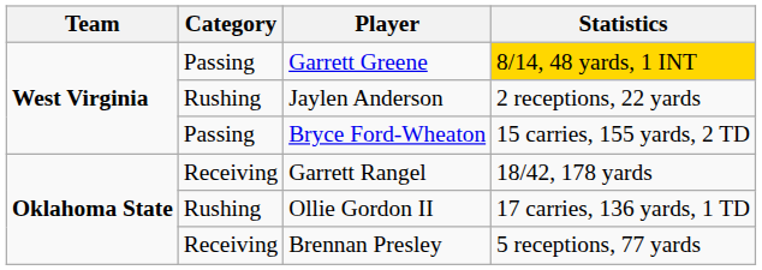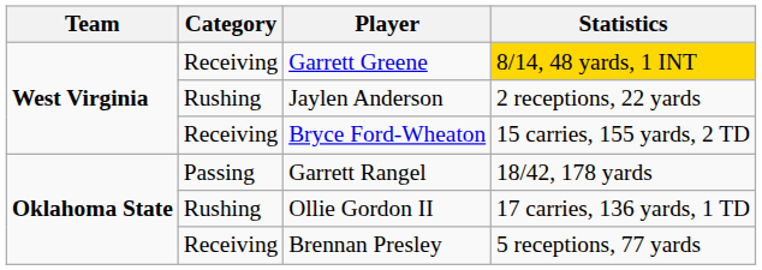 <table class="wikitable" style="float: right;">
 <tr>
 <th>Team</th>
 <th>Category</th>
 <th>Player</th>
 <th>Statistics</th>
 </tr>
 <tr>
 <td rowspan=3><strong>West Virginia</strong></td>
-<td>Passing</td>
+<td>Receiving</td>
 <td><a href='#'>Garrett Greene</a></td>
 <td style="background: gold;">8/14, 48 yards, 1 INT</td>
 </tr>
 <tr>
 <td>Rushing</td>
 <td>Jaylen Anderson</td>
 <td>2 receptions, 22 yards</td>
 </tr>
 <tr>
-<td>Passing</td>
+<td>Receiving</td>
 <td><a href='#'>Bryce Ford-Wheaton</a></td>
 <td>15 carries, 155 yards, 2 TD</td>
 </tr>
 <tr>
 <td rowspan=3><strong>Oklahoma State</strong></td>
-<td>Receiving</td>
+<td>Passing</td>
 <td>Garrett Rangel</td>
 <td>18/42, 178 yards</td>
 </tr>
 <tr>
 <td>Rushing</td>
 <td>Ollie Gordon II</td>
 <td>17 carries, 136 yards, 1 TD</td>
 </tr>
 <tr>
 <td>Receiving</td>
 <td>Brennan Presley</td>
 <td>5 receptions, 77 yards</td>
 </tr>
 </table>
